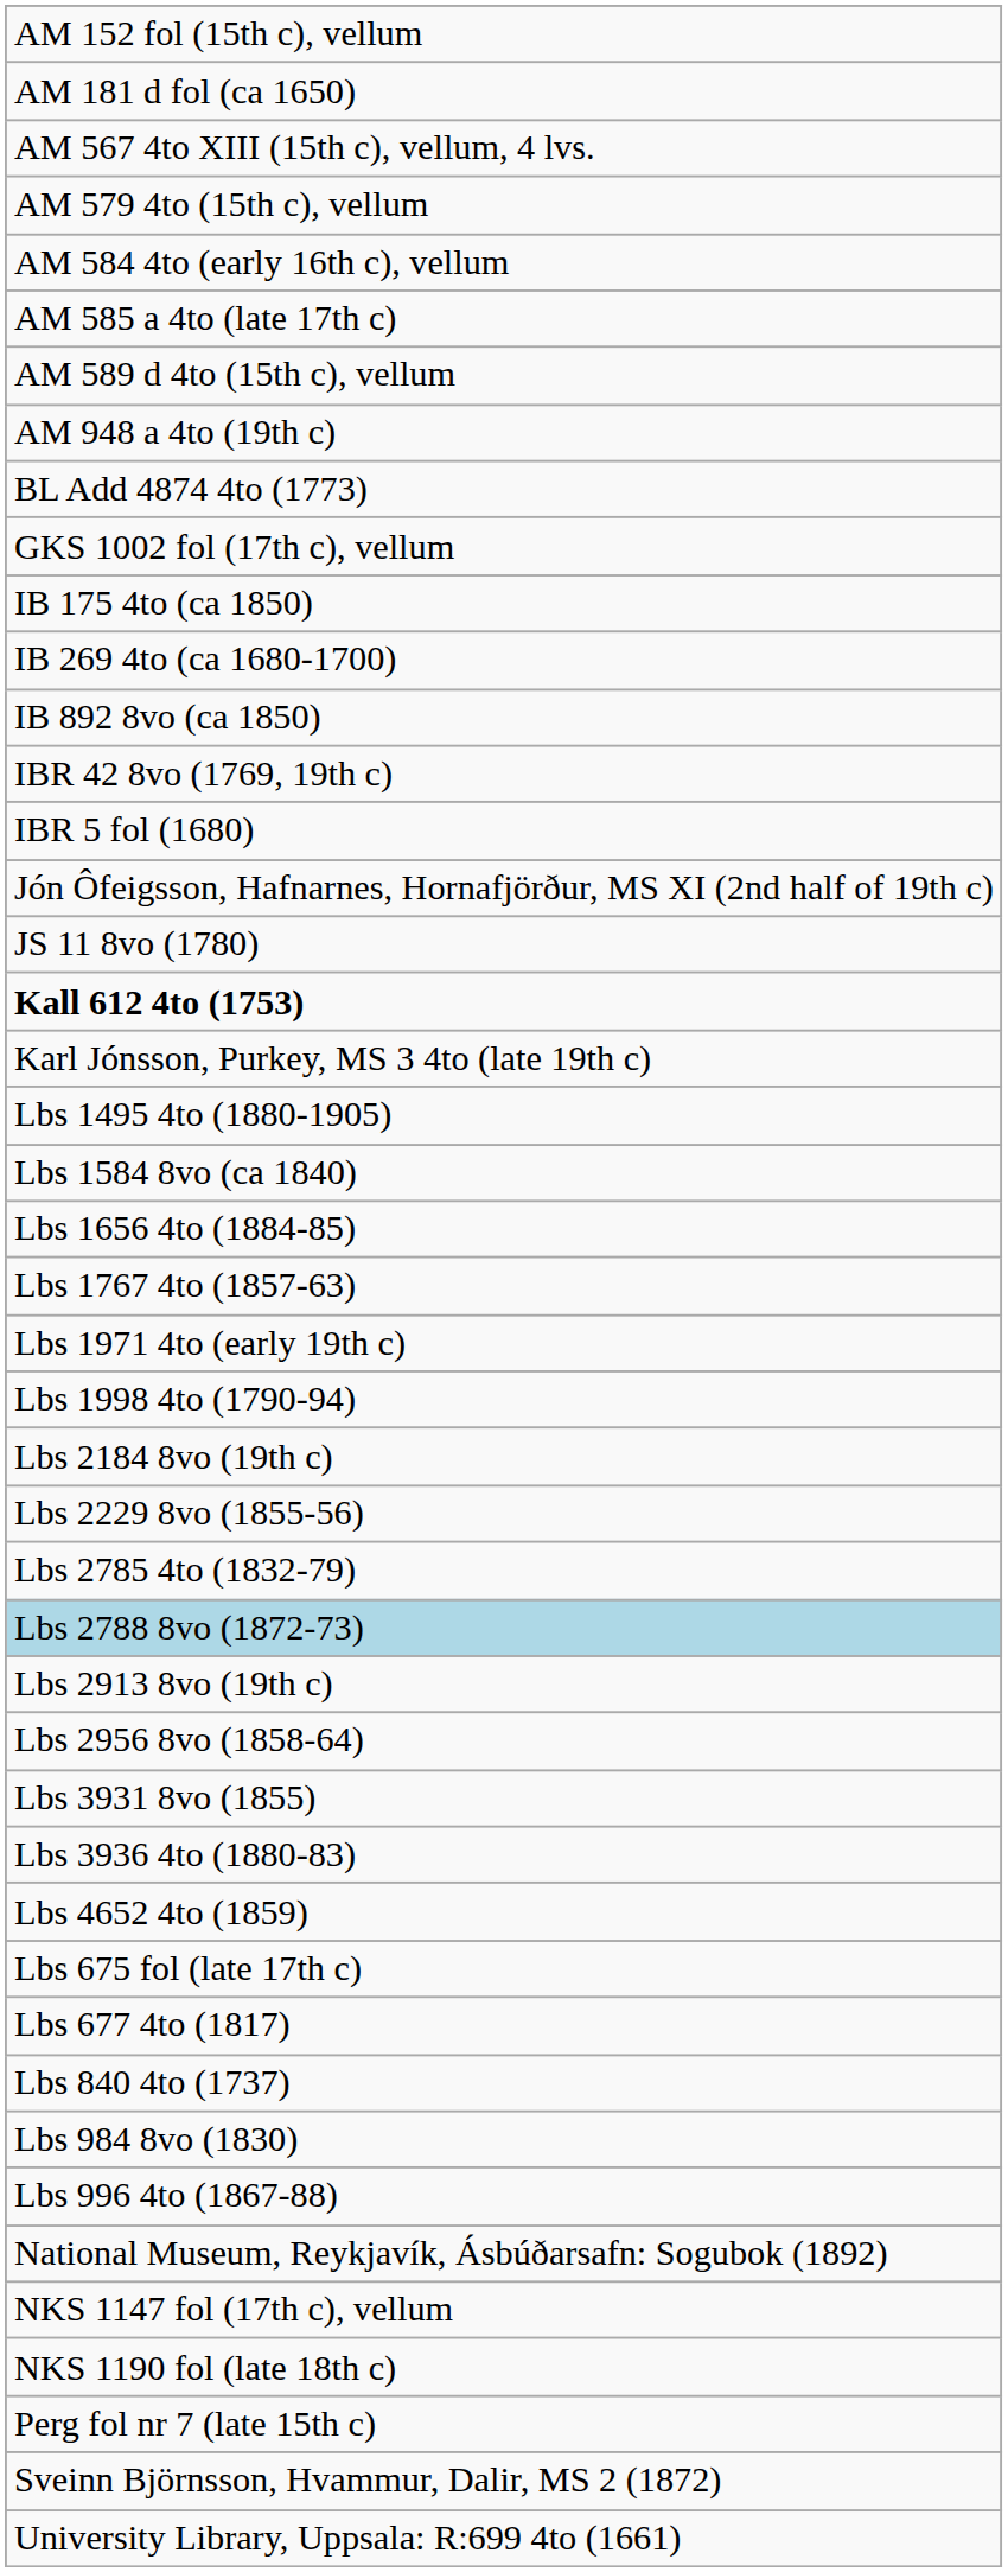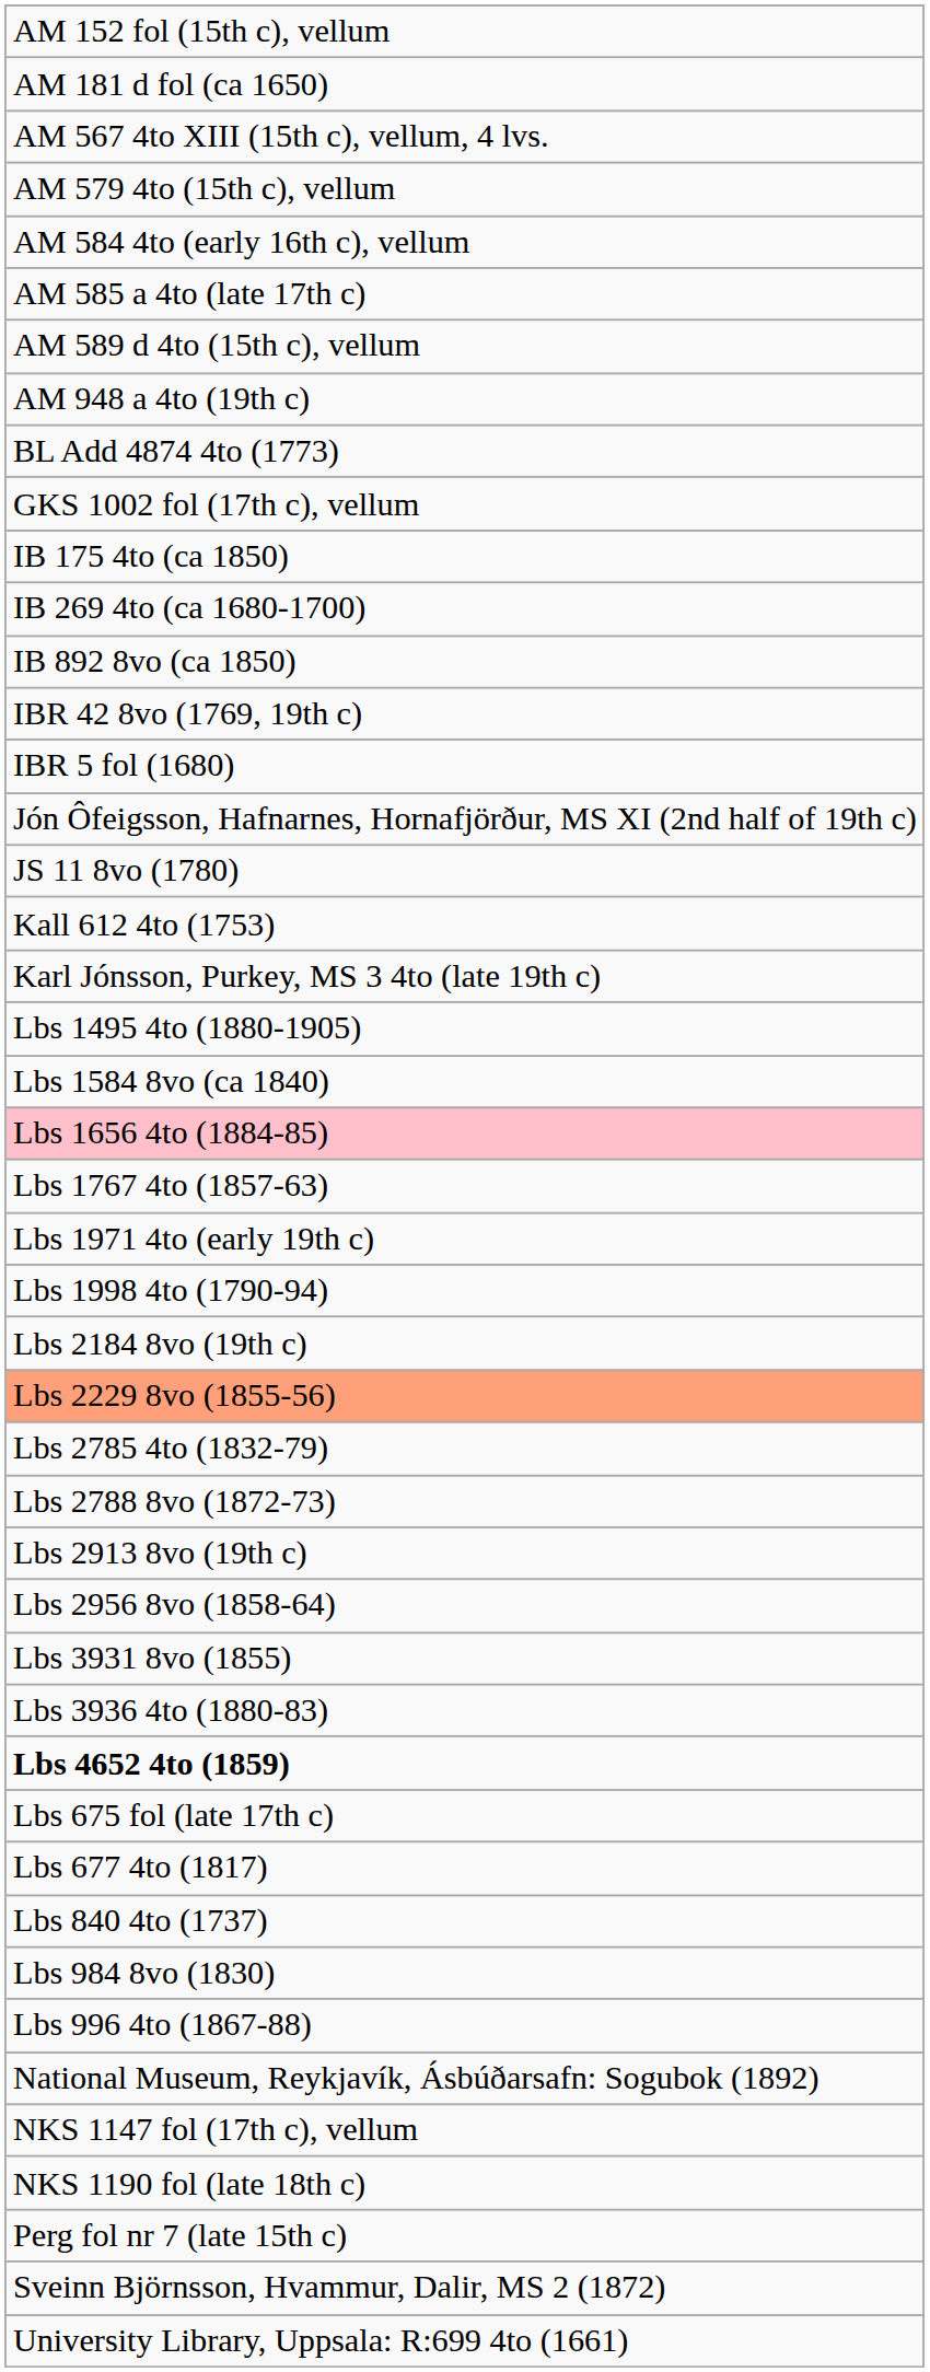 <table class="wikitable">
 <tr>
 <td>AM 152 fol (15th c), vellum</td>
 </tr>
 <tr>
 <td>AM 181 d fol (ca 1650)</td>
 </tr>
 <tr>
 <td>AM 567 4to XIII (15th c), vellum, 4 lvs.</td>
 </tr>
 <tr>
 <td>AM 579 4to (15th c), vellum</td>
 </tr>
 <tr>
 <td>AM 584 4to (early 16th c), vellum</td>
 </tr>
 <tr>
 <td>AM 585 a 4to (late 17th c)</td>
 </tr>
 <tr>
 <td>AM 589 d 4to (15th c), vellum</td>
 </tr>
 <tr>
 <td>AM 948 a 4to (19th c)</td>
 </tr>
 <tr>
 <td>BL Add 4874 4to (1773)</td>
 </tr>
 <tr>
 <td>GKS 1002 fol (17th c), vellum</td>
 </tr>
 <tr>
 <td>IB 175 4to (ca 1850)</td>
 </tr>
 <tr>
 <td>IB 269 4to (ca 1680-1700)</td>
 </tr>
 <tr>
 <td>IB 892 8vo (ca 1850)</td>
 </tr>
 <tr>
 <td>IBR 42 8vo (1769, 19th c)</td>
 </tr>
 <tr>
 <td>IBR 5 fol (1680)</td>
 </tr>
 <tr>
 <td>Jón Ôfeigsson, Hafnarnes, Hornafjörður, MS XI (2nd half of 19th c)</td>
 </tr>
 <tr>
 <td>JS 11 8vo (1780)</td>
 </tr>
 <tr>
-<td><strong>Kall 612 4to (1753)</strong></td>
+<td>Kall 612 4to (1753)</td>
 </tr>
 <tr>
 <td>Karl Jónsson, Purkey, MS 3 4to (late 19th c)</td>
 </tr>
 <tr>
 <td>Lbs 1495 4to (1880-1905)</td>
 </tr>
 <tr>
 <td>Lbs 1584 8vo (ca 1840)</td>
 </tr>
 <tr>
-<td>Lbs 1656 4to (1884-85)</td>
+<td style="background: pink;">Lbs 1656 4to (1884-85)</td>
 </tr>
 <tr>
 <td>Lbs 1767 4to (1857-63)</td>
 </tr>
 <tr>
 <td>Lbs 1971 4to (early 19th c)</td>
 </tr>
 <tr>
 <td>Lbs 1998 4to (1790-94)</td>
 </tr>
 <tr>
 <td>Lbs 2184 8vo (19th c)</td>
 </tr>
 <tr>
-<td>Lbs 2229 8vo (1855-56)</td>
+<td style="background: lightsalmon;">Lbs 2229 8vo (1855-56)</td>
 </tr>
 <tr>
 <td>Lbs 2785 4to (1832-79)</td>
 </tr>
 <tr>
-<td style="background: lightblue;">Lbs 2788 8vo (1872-73)</td>
+<td>Lbs 2788 8vo (1872-73)</td>
 </tr>
 <tr>
 <td>Lbs 2913 8vo (19th c)</td>
 </tr>
 <tr>
 <td>Lbs 2956 8vo (1858-64)</td>
 </tr>
 <tr>
 <td>Lbs 3931 8vo (1855)</td>
 </tr>
 <tr>
 <td>Lbs 3936 4to (1880-83)</td>
 </tr>
 <tr>
-<td>Lbs 4652 4to (1859)</td>
+<td><strong>Lbs 4652 4to (1859)</strong></td>
 </tr>
 <tr>
 <td>Lbs 675 fol (late 17th c)</td>
 </tr>
 <tr>
 <td>Lbs 677 4to (1817)</td>
 </tr>
 <tr>
 <td>Lbs 840 4to (1737)</td>
 </tr>
 <tr>
 <td>Lbs 984 8vo (1830)</td>
 </tr>
 <tr>
 <td>Lbs 996 4to (1867-88)</td>
 </tr>
 <tr>
 <td>National Museum, Reykjavík, Ásbúðarsafn: Sogubok (1892)</td>
 </tr>
 <tr>
 <td>NKS 1147 fol (17th c), vellum</td>
 </tr>
 <tr>
 <td>NKS 1190 fol (late 18th c)</td>
 </tr>
 <tr>
 <td>Perg fol nr 7 (late 15th c)</td>
 </tr>
 <tr>
 <td>Sveinn Björnsson, Hvammur, Dalir, MS 2 (1872)</td>
 </tr>
 <tr>
 <td>University Library, Uppsala: R:699 4to (1661)</td>
 </tr>
 </table>
